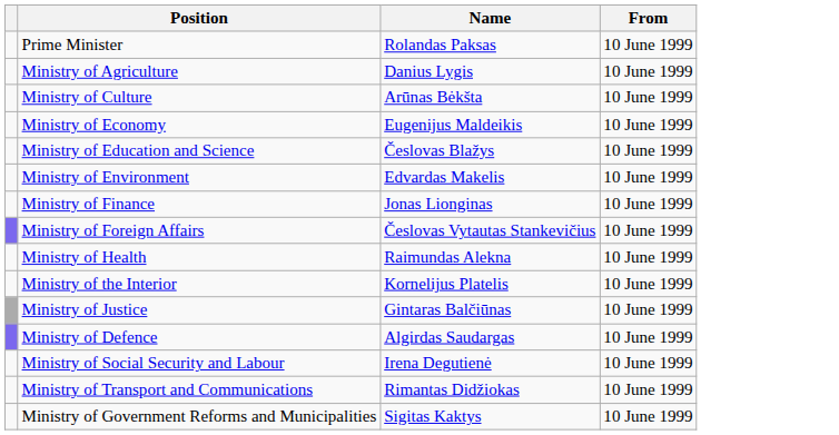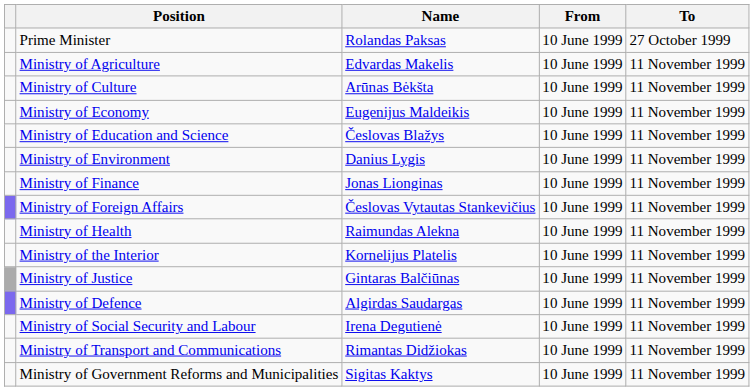 <table class="wikitable">
 <tr>
 <th></th>
 <th>Position</th>
 <th>Name</th>
 <th>From</th>
+<th>To</th>
 </tr>
 <tr>
 <td width=5px style="background-color: "></td>
 <td>Prime Minister</td>
 <td><a href='#'>Rolandas Paksas</a></td>
 <td>10 June 1999</td>
+<td>27 October 1999</td>
 </tr>
 <tr>
 <td width=5px style="background-color: "></td>
 <td><a href='#'>Ministry of Agriculture</a></td>
-<td><a href='#'>Danius Lygis</a></td>
+<td><a href='#'>Edvardas Makelis</a></td>
 <td>10 June 1999</td>
+<td>11 November 1999</td>
 </tr>
 <tr>
 <td width=5px style="background-color: "></td>
 <td><a href='#'>Ministry of Culture</a></td>
 <td><a href='#'>Arūnas Bėkšta</a></td>
 <td>10 June 1999</td>
+<td>11 November 1999</td>
 </tr>
 <tr>
 <td width=5px style="background-color: "></td>
 <td><a href='#'>Ministry of Economy</a></td>
 <td><a href='#'>Eugenijus Maldeikis</a></td>
 <td>10 June 1999</td>
+<td>11 November 1999</td>
 </tr>
 <tr>
 <td width=5px style="background-color: "></td>
 <td><a href='#'>Ministry of Education and Science</a></td>
 <td><a href='#'>Česlovas Blažys</a></td>
 <td>10 June 1999</td>
+<td>11 November 1999</td>
 </tr>
 <tr>
 <td width=5px style="background-color: "></td>
 <td><a href='#'>Ministry of Environment</a></td>
-<td><a href='#'>Edvardas Makelis</a></td>
+<td><a href='#'>Danius Lygis</a></td>
 <td>10 June 1999</td>
+<td>11 November 1999</td>
 </tr>
 <tr>
 <td width=5px style="background-color: "></td>
 <td><a href='#'>Ministry of Finance</a></td>
 <td><a href='#'>Jonas Lionginas</a></td>
 <td>10 June 1999</td>
+<td>11 November 1999</td>
 </tr>
 <tr>
 <td width=5px style="background-color: #7B68EE"></td>
 <td><a href='#'>Ministry of Foreign Affairs</a></td>
 <td><a href='#'>Česlovas Vytautas Stankevičius</a></td>
 <td>10 June 1999</td>
+<td>11 November 1999</td>
 </tr>
 <tr>
 <td width=5px style="background-color: "></td>
 <td><a href='#'>Ministry of Health</a></td>
 <td><a href='#'>Raimundas Alekna</a></td>
 <td>10 June 1999</td>
+<td>11 November 1999</td>
 </tr>
 <tr>
 <td width=5px style="background-color: "></td>
 <td><a href='#'>Ministry of the Interior</a></td>
 <td><a href='#'>Kornelijus Platelis</a></td>
 <td>10 June 1999</td>
+<td>11 November 1999</td>
 </tr>
 <tr>
 <td width=5px style="background-color: #ABABAB"></td>
 <td><a href='#'>Ministry of Justice</a></td>
 <td><a href='#'>Gintaras Balčiūnas</a></td>
 <td>10 June 1999</td>
+<td>11 November 1999</td>
 </tr>
 <tr>
 <td width=5px style="background-color: #7B68EE"></td>
 <td><a href='#'>Ministry of Defence</a></td>
 <td><a href='#'>Algirdas Saudargas</a></td>
 <td>10 June 1999</td>
+<td>11 November 1999</td>
 </tr>
 <tr>
 <td width=5px style="background-color: "></td>
 <td><a href='#'>Ministry of Social Security and Labour</a></td>
 <td><a href='#'>Irena Degutienė</a></td>
 <td>10 June 1999</td>
+<td>11 November 1999</td>
 </tr>
 <tr>
 <td width=5px style="background-color: "></td>
 <td><a href='#'>Ministry of Transport and Communications</a></td>
 <td><a href='#'>Rimantas Didžiokas</a></td>
 <td>10 June 1999</td>
+<td>11 November 1999</td>
 </tr>
 <tr>
 <td width=5px style="background-color: "></td>
 <td>Ministry of Government Reforms and Municipalities</td>
 <td><a href='#'>Sigitas Kaktys</a></td>
 <td>10 June 1999</td>
+<td>11 November 1999</td>
 </tr>
 </table>
